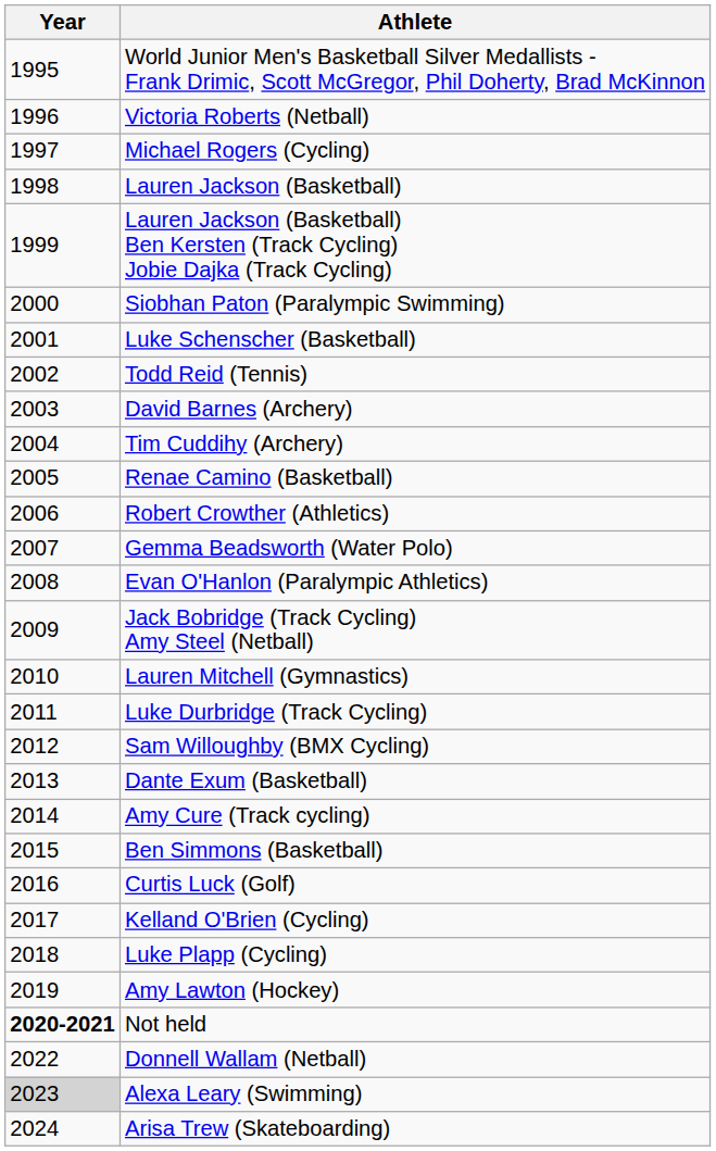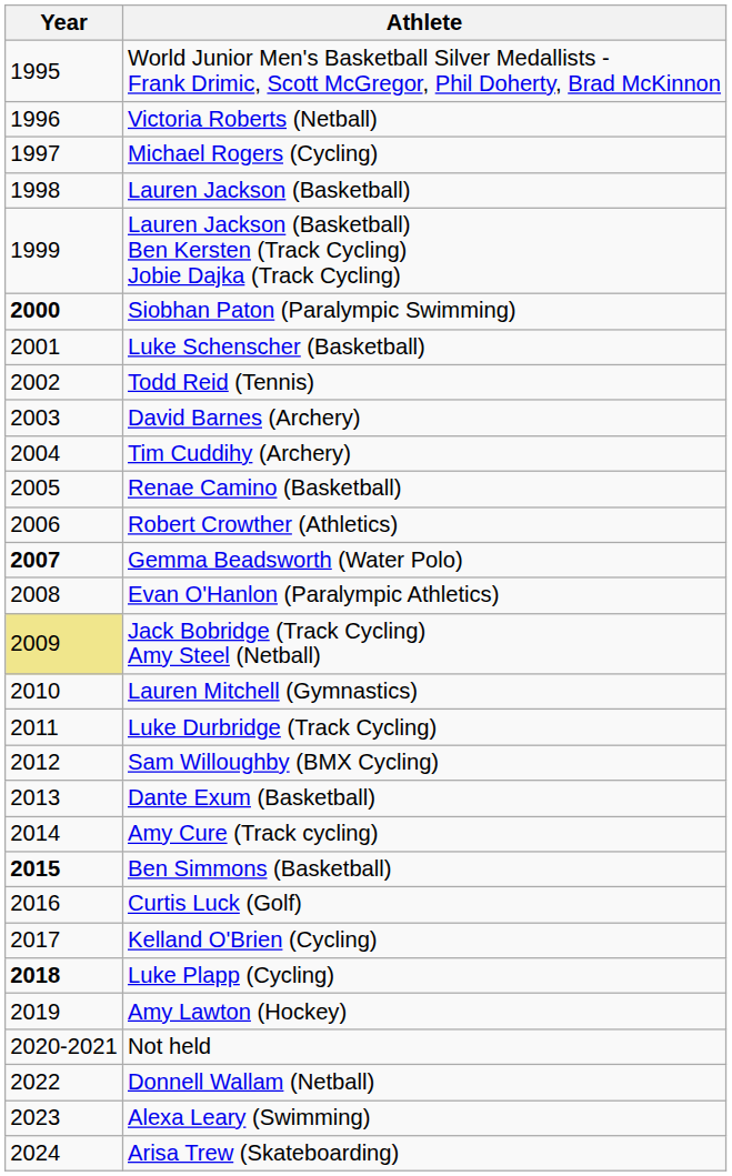 <table class="wikitable">
 <tr>
 <th>Year</th>
 <th>Athlete</th>
 </tr>
 <tr>
 <td>1995</td>
 <td>World Junior Men's Basketball Silver Medallists - <br> <a href='#'>Frank Drimic</a>, <a href='#'>Scott McGregor</a>, <a href='#'>Phil Doherty</a>, <a href='#'>Brad McKinnon</a></td>
 </tr>
 <tr>
 <td>1996</td>
 <td><a href='#'>Victoria Roberts</a> (Netball)</td>
 </tr>
 <tr>
 <td>1997</td>
 <td><a href='#'>Michael Rogers</a> (Cycling)</td>
 </tr>
 <tr>
 <td>1998</td>
 <td><a href='#'>Lauren Jackson</a> (Basketball)</td>
 </tr>
 <tr>
 <td>1999</td>
 <td><a href='#'>Lauren Jackson</a> (Basketball) <br> <a href='#'>Ben Kersten</a> (Track Cycling) <br> <a href='#'>Jobie Dajka</a> (Track Cycling)</td>
 </tr>
 <tr>
-<td>2000</td>
+<td><strong>2000</strong></td>
 <td><a href='#'>Siobhan Paton</a> (Paralympic Swimming)</td>
 </tr>
 <tr>
 <td>2001</td>
 <td><a href='#'>Luke Schenscher</a> (Basketball)</td>
 </tr>
 <tr>
 <td>2002</td>
 <td><a href='#'>Todd Reid</a> (Tennis)</td>
 </tr>
 <tr>
 <td>2003</td>
 <td><a href='#'>David Barnes</a> (Archery)</td>
 </tr>
 <tr>
 <td>2004</td>
 <td><a href='#'>Tim Cuddihy</a> (Archery)</td>
 </tr>
 <tr>
 <td>2005</td>
 <td><a href='#'>Renae Camino</a> (Basketball)</td>
 </tr>
 <tr>
 <td>2006</td>
 <td><a href='#'>Robert Crowther</a> (Athletics)</td>
 </tr>
 <tr>
-<td>2007</td>
+<td><strong>2007</strong></td>
 <td><a href='#'>Gemma Beadsworth</a> (Water Polo)</td>
 </tr>
 <tr>
 <td>2008</td>
 <td><a href='#'>Evan O'Hanlon</a> (Paralympic Athletics)</td>
 </tr>
 <tr>
-<td>2009</td>
+<td style="background: khaki;">2009</td>
 <td><a href='#'>Jack Bobridge</a> (Track Cycling) <br> <a href='#'>Amy Steel</a> (Netball)</td>
 </tr>
 <tr>
 <td>2010</td>
 <td><a href='#'>Lauren Mitchell</a> (Gymnastics)</td>
 </tr>
 <tr>
 <td>2011</td>
 <td><a href='#'>Luke Durbridge</a> (Track Cycling)</td>
 </tr>
 <tr>
 <td>2012</td>
 <td><a href='#'>Sam Willoughby</a> (BMX Cycling)</td>
 </tr>
 <tr>
 <td>2013</td>
 <td><a href='#'>Dante Exum</a> (Basketball)</td>
 </tr>
 <tr>
 <td>2014</td>
 <td><a href='#'>Amy Cure</a> (Track cycling)</td>
 </tr>
 <tr>
-<td>2015</td>
+<td><strong>2015</strong></td>
 <td><a href='#'>Ben Simmons</a> (Basketball)</td>
 </tr>
 <tr>
 <td>2016</td>
 <td><a href='#'>Curtis Luck</a> (Golf)</td>
 </tr>
 <tr>
 <td>2017</td>
 <td><a href='#'>Kelland O'Brien</a> (Cycling)</td>
 </tr>
 <tr>
-<td>2018</td>
+<td><strong>2018</strong></td>
 <td><a href='#'>Luke Plapp</a> (Cycling)</td>
 </tr>
 <tr>
 <td>2019</td>
 <td><a href='#'>Amy Lawton</a> (Hockey)</td>
 </tr>
 <tr>
-<td><strong>2020-2021</strong></td>
+<td>2020-2021</td>
 <td>Not held</td>
 </tr>
 <tr>
 <td>2022</td>
 <td><a href='#'>Donnell Wallam</a> (Netball)</td>
 </tr>
 <tr>
-<td style="background: lightgrey;">2023</td>
+<td>2023</td>
 <td><a href='#'>Alexa Leary</a> (Swimming)</td>
 </tr>
 <tr>
 <td>2024</td>
 <td><a href='#'>Arisa Trew</a> (Skateboarding)</td>
 </tr>
 </table>
